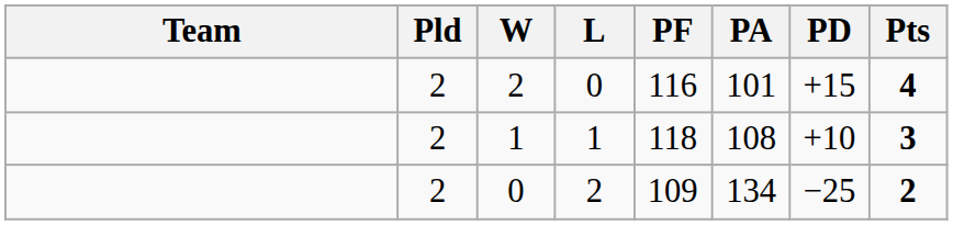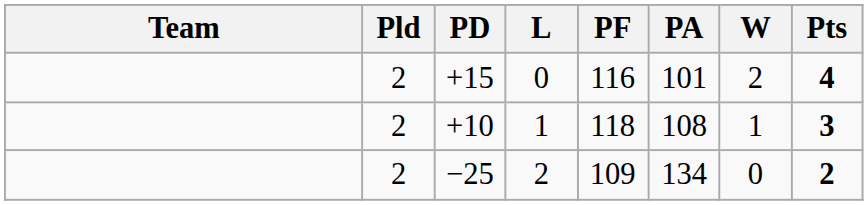 <table class=wikitable style="text-align:center">
 <tr>
 <th width=180>Team</th>
 <th width=30>Pld</th>
-<th width=30>W</th>
+<th width=30>PD</th>
 <th width=30>L</th>
 <th width=30>PF</th>
 <th width=30>PA</th>
-<th width=30>PD</th>
+<th width=30>W</th>
 <th width=30>Pts</th>
 </tr>
 <tr>
 <td align="left"></td>
 <td>2</td>
-<td>2</td>
+<td>+15</td>
 <td>0</td>
 <td>116</td>
 <td>101</td>
-<td>+15</td>
+<td>2</td>
 <td><strong>4</strong></td>
 </tr>
 <tr>
 <td align="left"></td>
 <td>2</td>
-<td>1</td>
+<td>+10</td>
 <td>1</td>
 <td>118</td>
 <td>108</td>
-<td>+10</td>
+<td>1</td>
 <td><strong>3</strong></td>
 </tr>
 <tr>
 <td align="left"></td>
 <td>2</td>
-<td>0</td>
+<td>−25</td>
 <td>2</td>
 <td>109</td>
 <td>134</td>
-<td>−25</td>
+<td>0</td>
 <td><strong>2</strong></td>
 </tr>
 </table>
